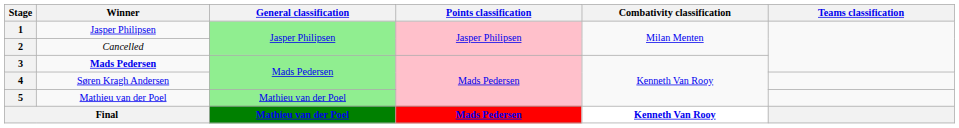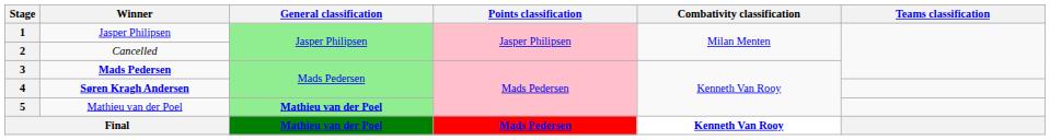 <table class="wikitable" style="text-align: center; font-size:smaller;">
 <tr style="background:#efefef;">
 <th style="width:1%;">Stage</th>
 <th style="width:13%;">Winner</th>
 <th style="width:14%;"><a href='#'>General classification</a><br></th>
 <th style="width:14%;"><a href='#'>Points classification</a><br></th>
 <th style="width:14%;">Combativity classification<br></th>
 <th style="width:14%;"><a href='#'>Teams classification</a></th>
 </tr>
 <tr>
 <th>1</th>
 <td><a href='#'>Jasper Philipsen</a></td>
 <td style="background:lightgreen;" rowspan="2"><a href='#'>Jasper Philipsen</a></td>
 <td style="background:pink;" rowspan="2"><a href='#'>Jasper Philipsen</a></td>
 <td style="background:offwhite;" rowspan="2"><a href='#'>Milan Menten</a></td>
 <td rowspan="3"></td>
 </tr>
 <tr>
 <th>2</th>
 <td><em>Cancelled</em></td>
 </tr>
 <tr>
 <th>3</th>
 <td><strong><a href='#'>Mads Pedersen</a></strong></td>
 <td style="background:lightgreen;" rowspan="2"><a href='#'>Mads Pedersen</a></td>
 <td style="background:pink;" rowspan="3"><a href='#'>Mads Pedersen</a></td>
 <td style="background:offwhite;" rowspan="3"><a href='#'>Kenneth Van Rooy</a></td>
 </tr>
 <tr>
 <th>4</th>
-<td><a href='#'>Søren Kragh Andersen</a></td>
+<td><strong><a href='#'>Søren Kragh Andersen</a></strong></td>
 <td></td>
 </tr>
 <tr>
 <th>5</th>
 <td><a href='#'>Mathieu van der Poel</a></td>
-<td style="background:lightgreen;"><a href='#'>Mathieu van der Poel</a></td>
+<td style="background:lightgreen;"><strong><a href='#'>Mathieu van der Poel</a></strong></td>
 <td></td>
 </tr>
 <tr>
 <th colspan=2><strong>Final</strong></th>
 <th style="background:green;"><a href='#'>Mathieu van der Poel</a></th>
 <th style="background:red;"><a href='#'>Mads Pedersen</a></th>
 <th style="background:white;"><a href='#'>Kenneth Van Rooy</a></th>
 <th style="background:offwhite;"></th>
 </tr>
 </table>
